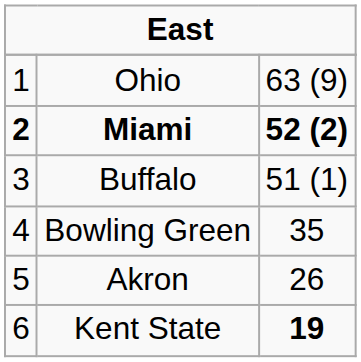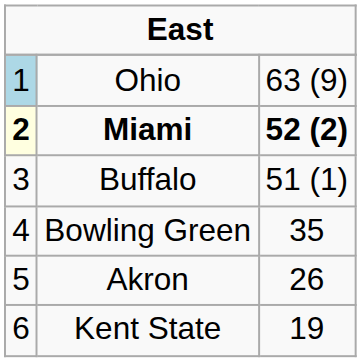 <table class="wikitable" style="display: inline-table;">
 <tr align="center">
 <td align="center" Colspan="3"><strong>East</strong></td>
 </tr>
 <tr align="center">
 </tr>
 <tr align="center">
-<td>1</td>
+<td style="background: lightblue;">1</td>
 <td>Ohio</td>
 <td>63 (9)</td>
 </tr>
 <tr align="center">
-<td><strong>2</strong></td>
+<td style="background: lightyellow;"><strong>2</strong></td>
 <td><strong>Miami</strong></td>
 <td><strong>52 (2)</strong></td>
 </tr>
 <tr align="center">
 <td>3</td>
 <td>Buffalo</td>
 <td>51 (1)</td>
 </tr>
 <tr align="center">
 <td>4</td>
 <td>Bowling Green</td>
 <td>35</td>
 </tr>
 <tr align="center">
 <td>5</td>
 <td>Akron</td>
 <td>26</td>
 </tr>
 <tr align="center">
 <td>6</td>
 <td>Kent State</td>
-<td><strong>19</strong></td>
+<td>19</td>
 </tr>
 </table>
